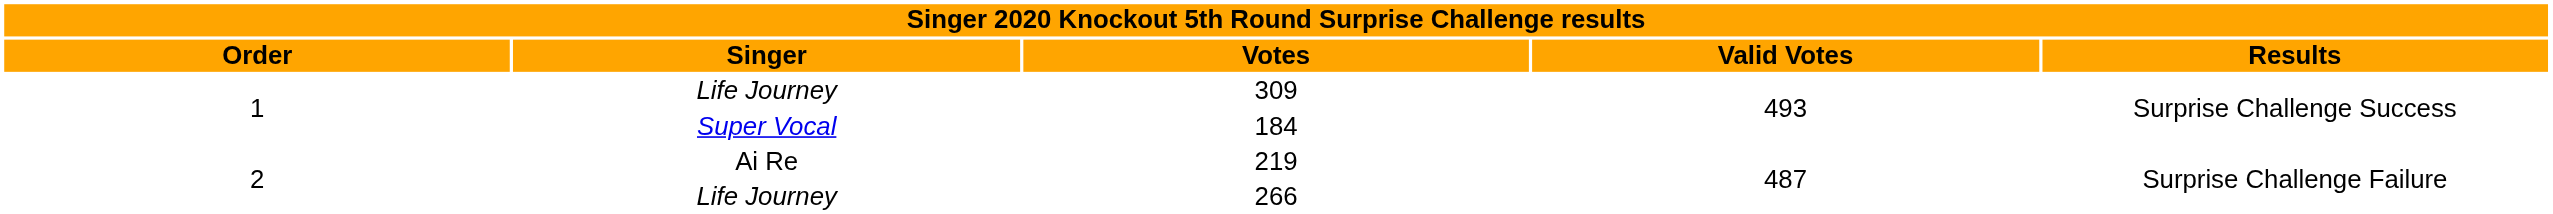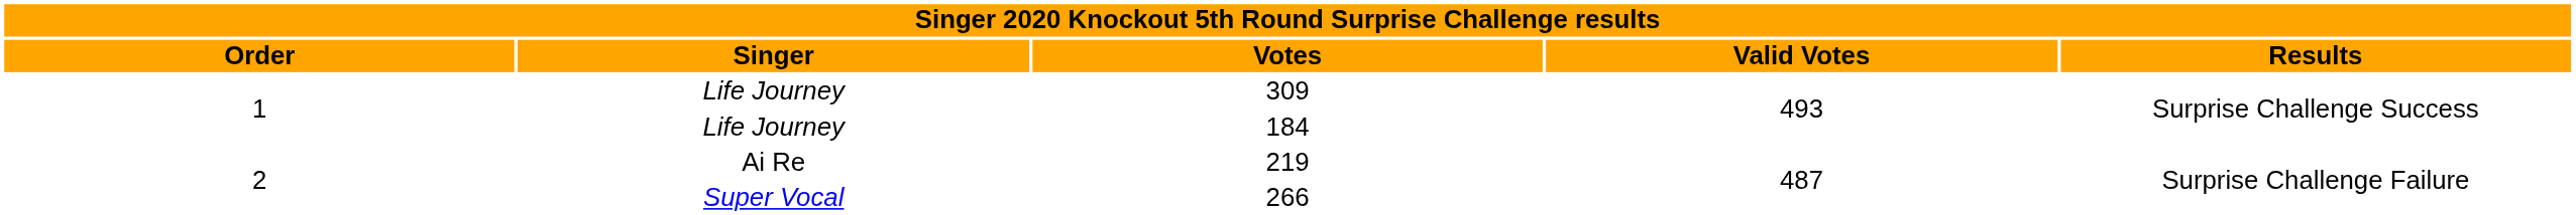 <table width="100%" style="text-align:center">
 <tr style="background:orange">
 <th colspan="5"><div>Singer 2020 Knockout 5th Round Surprise Challenge results</div></th>
 </tr>
 <tr style="background:orange">
 <th style="width:20%">Order</th>
 <th style="width:20%">Singer</th>
 <th style="width:20%">Votes</th>
 <th style="width:20%">Valid Votes</th>
 <th style="width:20%">Results</th>
 </tr>
 <tr>
 <td rowspan=2>1</td>
 <td><em>Life Journey</em></td>
 <td>309</td>
 <td rowspan=2>493</td>
 <td rowspan=2>Surprise Challenge Success</td>
 </tr>
 <tr>
-<td><em><a href='#'>Super Vocal</a></em></td>
+<td><em>Life Journey</em></td>
 <td>184</td>
 </tr>
 <tr>
 <td rowspan=2>2</td>
 <td>Ai Re</td>
 <td>219</td>
 <td rowspan=2>487</td>
 <td rowspan=2>Surprise Challenge Failure</td>
 </tr>
 <tr>
-<td><em>Life Journey</em></td>
+<td><em><a href='#'>Super Vocal</a></em></td>
 <td>266</td>
 </tr>
 </table>
